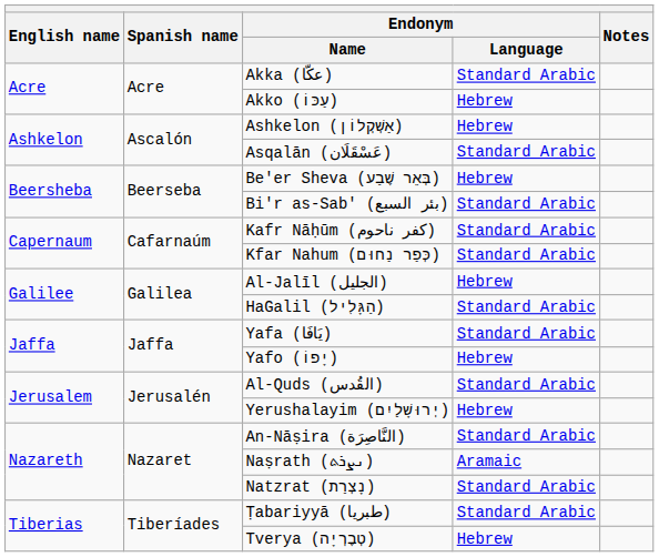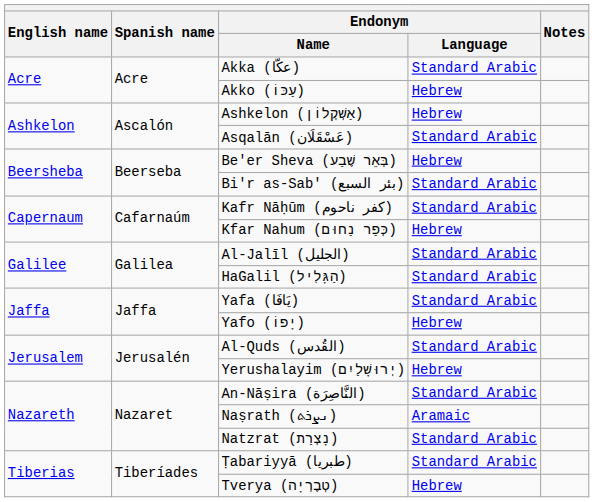 <table class="wikitable sortable">
 <tr>
 <th colspan="5"></th>
 </tr>
 <tr>
 <th rowspan="2">English name</th>
 <th rowspan="2">Spanish name</th>
 <th colspan="2">Endonym</th>
 <th rowspan="2">Notes</th>
 </tr>
 <tr>
 <th>Name</th>
 <th>Language</th>
 </tr>
 <tr>
 <td rowspan="2"><a href='#'>Acre</a></td>
 <td rowspan="2">Acre</td>
 <td>Akka (عكّا)</td>
 <td><a href='#'>Standard Arabic</a></td>
 <td></td>
 </tr>
 <tr>
 <td>Akko (עַכּוֹ‎)</td>
 <td><a href='#'>Hebrew</a></td>
 <td></td>
 </tr>
 <tr>
 <td rowspan="2"><a href='#'>Ashkelon</a></td>
 <td rowspan="2">Ascalón</td>
 <td>Ashkelon (אַשְׁקְלוֹן)</td>
 <td><a href='#'>Hebrew</a></td>
 <td></td>
 </tr>
 <tr>
 <td>Asqalān (عَسْقَلَان)</td>
 <td><a href='#'>Standard Arabic</a></td>
 <td></td>
 </tr>
 <tr>
 <td rowspan="2"><a href='#'>Beersheba</a></td>
 <td rowspan="2">Beerseba</td>
 <td>Be'er Sheva (בְּאֵר שֶׁבַע)</td>
 <td><a href='#'>Hebrew</a></td>
 <td></td>
 </tr>
 <tr>
 <td>Bi'r as-Sab' (بئر السبع)</td>
 <td><a href='#'>Standard Arabic</a></td>
 <td></td>
 </tr>
 <tr>
 <td rowspan="2"><a href='#'>Capernaum</a></td>
 <td rowspan="2">Cafarnaúm</td>
 <td>Kafr Nāḥūm (كفر ناحوم)</td>
 <td><a href='#'>Standard Arabic</a></td>
 <td></td>
 </tr>
 <tr>
 <td>Kfar Nahum (כְּפַר נַחוּם)</td>
-<td><a href='#'>Standard Arabic</a></td>
+<td><a href='#'>Hebrew</a></td>
 <td></td>
 </tr>
 <tr>
 <td rowspan="2"><a href='#'>Galilee</a></td>
 <td rowspan="2">Galilea</td>
 <td>Al-Jalīl (الجليل)</td>
-<td><a href='#'>Hebrew</a></td>
+<td><a href='#'>Standard Arabic</a></td>
 <td></td>
 </tr>
 <tr>
 <td>HaGalil (הַגָּלִיל)</td>
 <td><a href='#'>Standard Arabic</a></td>
 <td></td>
 </tr>
 <tr>
 <td rowspan="2"><a href='#'>Jaffa</a></td>
 <td rowspan="2">Jaffa</td>
 <td>Yafa (يَافَا)</td>
 <td><a href='#'>Standard Arabic</a></td>
 <td></td>
 </tr>
 <tr>
 <td>Yafo (יָפוֹ‎)</td>
 <td><a href='#'>Hebrew</a></td>
 <td></td>
 </tr>
 <tr>
 <td rowspan="2"><a href='#'>Jerusalem</a></td>
 <td rowspan="2">Jerusalén</td>
 <td>Al-Quds (القُدس)</td>
 <td><a href='#'>Standard Arabic</a></td>
 <td></td>
 </tr>
 <tr>
 <td>Yerushalayim (יְרוּשָׁלַיִם)</td>
 <td><a href='#'>Hebrew</a></td>
 <td></td>
 </tr>
 <tr>
 <td rowspan="3"><a href='#'>Nazareth</a></td>
 <td rowspan="3">Nazaret</td>
 <td>An-Nāṣira (النَّاصِرَة‎)</td>
 <td><a href='#'>Standard Arabic</a></td>
 <td></td>
 </tr>
 <tr>
 <td>Naṣrath (ܢܨܪܬ)</td>
 <td><a href='#'>Aramaic</a></td>
 <td></td>
 </tr>
 <tr>
 <td>Natzrat (נָצְרַת)</td>
 <td><a href='#'>Standard Arabic</a></td>
 <td></td>
 </tr>
 <tr>
 <td rowspan="2"><a href='#'>Tiberias</a></td>
 <td rowspan="2">Tiberíades</td>
 <td>Ṭabariyyā (طبريا)</td>
 <td><a href='#'>Standard Arabic</a></td>
 <td></td>
 </tr>
 <tr>
 <td>Tverya (טְבֶרְיָה)</td>
 <td><a href='#'>Hebrew</a></td>
 <td></td>
 </tr>
 </table>
